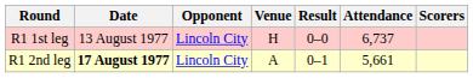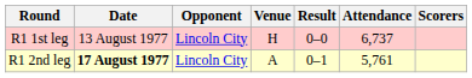 <table class="wikitable" style="font-size:100%; text-align:center">
 <tr>
 <th>Round</th>
 <th>Date</th>
 <th>Opponent</th>
 <th>Venue</th>
 <th>Result</th>
 <th>Attendance</th>
 <th>Scorers</th>
 </tr>
 <tr style="background-color: #FFCCCC;">
 <td>R1 1st leg</td>
 <td>13 August 1977</td>
 <td><a href='#'>Lincoln City</a></td>
 <td>H</td>
 <td>0–0</td>
 <td>6,737</td>
 <td></td>
 </tr>
 <tr style="background-color: #FFFFCC;">
 <td>R1 2nd leg</td>
 <td><strong>17 August 1977</strong></td>
 <td><a href='#'>Lincoln City</a></td>
 <td>A</td>
 <td>0–1</td>
-<td>5,661</td>
+<td>5,761</td>
 <td></td>
 </tr>
 </table>
